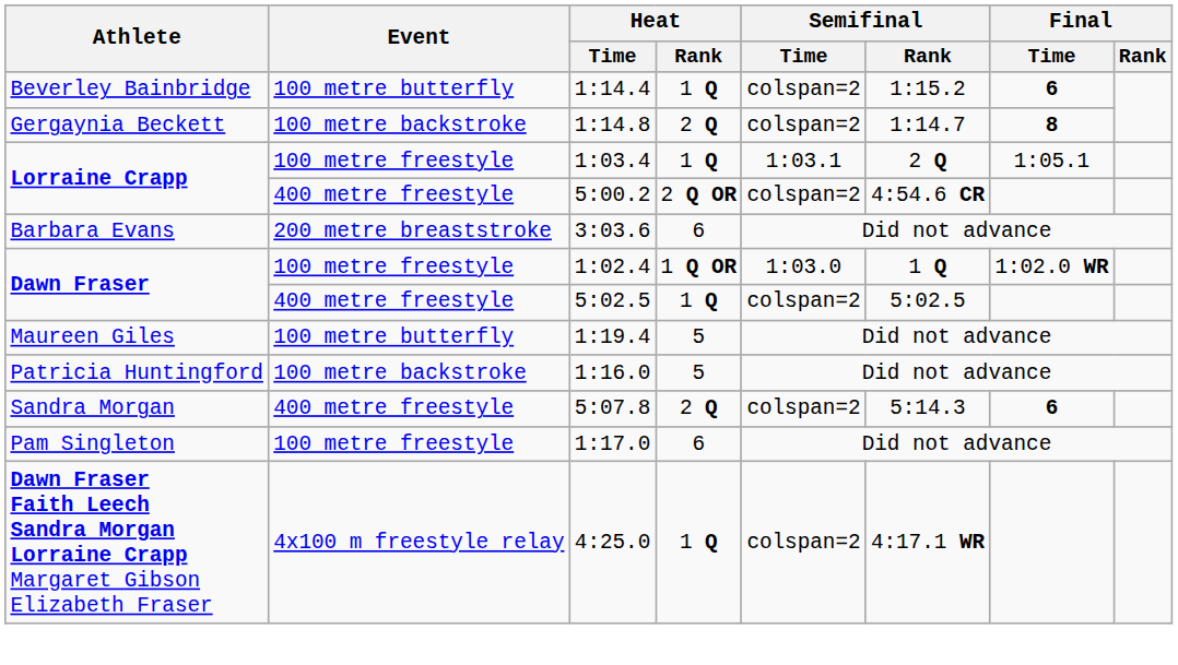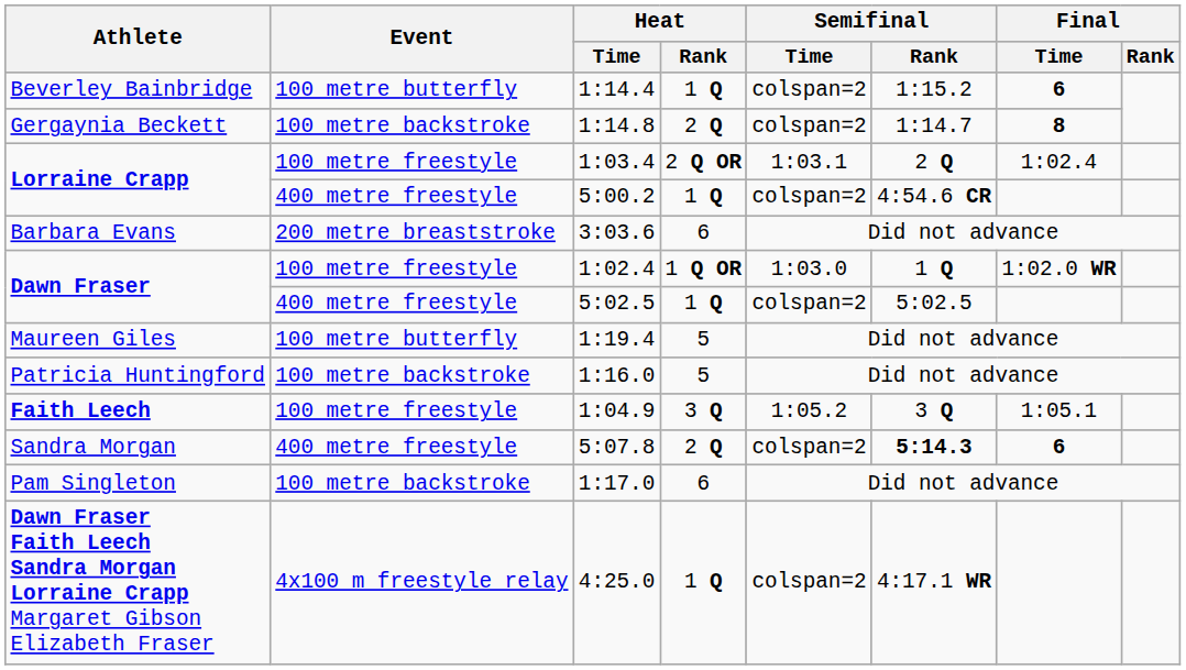 <table class=wikitable style="font-size:90%">
 <tr>
 <th rowspan="2">Athlete</th>
 <th rowspan="2">Event</th>
 <th colspan="2">Heat</th>
 <th colspan="2">Semifinal</th>
 <th colspan="2">Final</th>
 </tr>
 <tr style="font-size:95%">
 <th>Time</th>
 <th>Rank</th>
 <th>Time</th>
 <th>Rank</th>
 <th>Time</th>
 <th>Rank</th>
 </tr>
 <tr align=center>
 <td align=left rowspan=1><a href='#'>Beverley Bainbridge</a></td>
 <td align=left><a href='#'>100 metre butterfly</a></td>
 <td>1:14.4</td>
 <td>1 <strong>Q</strong></td>
 <td>colspan=2 </td>
 <td>1:15.2</td>
 <td><strong>6</strong></td>
 </tr>
 <tr align=center>
 <td align=left rowspan=1><a href='#'>Gergaynia Beckett</a></td>
 <td align=left><a href='#'>100 metre backstroke</a></td>
 <td>1:14.8</td>
 <td>2 <strong>Q</strong></td>
 <td>colspan=2 </td>
 <td>1:14.7</td>
 <td><strong>8</strong></td>
 </tr>
 <tr align=center>
 <td align=left rowspan=2><strong><a href='#'>Lorraine Crapp</a></strong></td>
 <td align=left><a href='#'>100 metre freestyle</a></td>
 <td>1:03.4</td>
-<td>1 <strong>Q</strong></td>
+<td>2 <strong>Q</strong> <strong>OR</strong></td>
 <td>1:03.1</td>
 <td>2 <strong>Q</strong></td>
-<td>1:05.1</td>
+<td>1:02.4</td>
 <td></td>
 </tr>
 <tr align=center>
 <td align=left><a href='#'>400 metre freestyle</a></td>
 <td>5:00.2</td>
-<td>2 <strong>Q</strong> <strong>OR</strong></td>
+<td>1 <strong>Q</strong></td>
 <td>colspan=2 </td>
 <td>4:54.6	<strong>CR</strong></td>
 <td></td>
 </tr>
 <tr align=center>
 <td align=left rowspan=1><a href='#'>Barbara Evans</a></td>
 <td align=left><a href='#'>200 metre breaststroke</a></td>
 <td>3:03.6</td>
 <td>6</td>
 <td colspan=4>Did not advance</td>
 </tr>
 <tr align=center>
 <td align=left rowspan=2><strong><a href='#'>Dawn Fraser</a></strong></td>
 <td align=left><a href='#'>100 metre freestyle</a></td>
 <td>1:02.4</td>
 <td>1 <strong>Q</strong> <strong>OR</strong></td>
 <td>1:03.0</td>
 <td>1 <strong>Q</strong></td>
 <td>1:02.0	<strong>WR</strong></td>
 <td></td>
 </tr>
 <tr align=center>
 <td align=left><a href='#'>400 metre freestyle</a></td>
 <td>5:02.5</td>
 <td>1 <strong>Q</strong></td>
 <td>colspan=2 </td>
 <td>5:02.5</td>
 <td></td>
 </tr>
 <tr align=center>
 <td align=left rowspan=1><a href='#'>Maureen Giles</a></td>
 <td align=left><a href='#'>100 metre butterfly</a></td>
 <td>1:19.4</td>
 <td>5</td>
 <td colspan=4>Did not advance</td>
 </tr>
 <tr align=center>
 <td align=left rowspan=1><a href='#'>Patricia Huntingford</a></td>
 <td align=left><a href='#'>100 metre backstroke</a></td>
 <td>1:16.0</td>
 <td>5</td>
 <td colspan=4>Did not advance</td>
 </tr>
 <tr align=center>
+<td align=left rowspan=1><strong><a href='#'>Faith Leech</a></strong></td>
+<td align=left><a href='#'>100 metre freestyle</a></td>
+<td>1:04.9</td>
+<td>3 <strong>Q</strong></td>
+<td>1:05.2</td>
+<td>3 <strong>Q</strong></td>
+<td>1:05.1</td>
+<td></td>
+</tr>
+<tr align=center>
 <td align=left rowspan=1><a href='#'>Sandra Morgan</a></td>
 <td align=left><a href='#'>400 metre freestyle</a></td>
 <td>5:07.8</td>
 <td>2 <strong>Q</strong></td>
 <td>colspan=2 </td>
-<td>5:14.3</td>
+<td><strong>5:14.3</strong></td>
 <td><strong>6</strong></td>
 </tr>
 <tr align=center>
 <td align=left rowspan=1><a href='#'>Pam Singleton</a></td>
-<td align=left><a href='#'>100 metre freestyle</a></td>
+<td align=left><a href='#'>100 metre backstroke</a></td>
 <td>1:17.0</td>
 <td>6</td>
 <td colspan=4>Did not advance</td>
 </tr>
 <tr align=center>
 <td align=left rowspan=1><strong><a href='#'>Dawn Fraser</a><br><a href='#'>Faith Leech</a><br><a href='#'>Sandra Morgan</a><br><a href='#'>Lorraine Crapp</a></strong><br><a href='#'>Margaret Gibson</a><br><a href='#'>Elizabeth Fraser</a></td>
 <td align=left><a href='#'>4x100 m freestyle relay</a></td>
 <td>4:25.0</td>
 <td>1 <strong>Q</strong></td>
 <td>colspan=2 </td>
 <td>4:17.1	 <strong>WR</strong></td>
 <td></td>
 </tr>
 </table>
